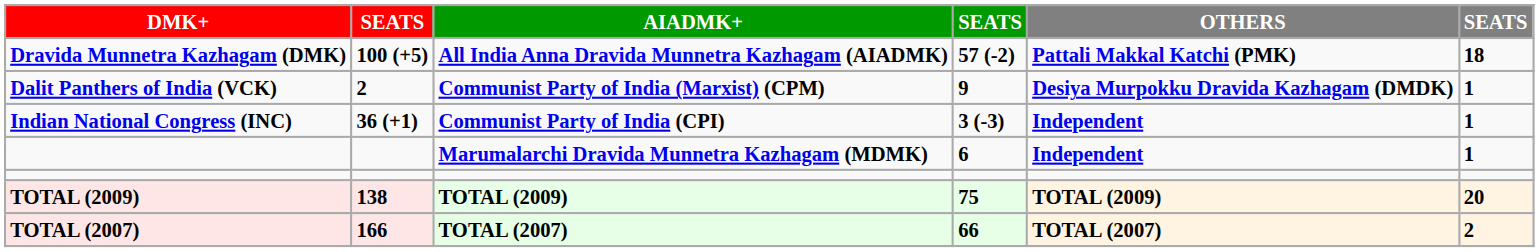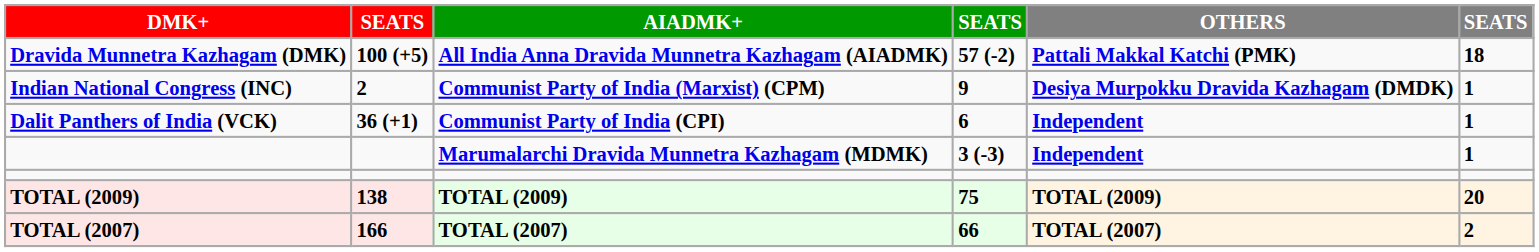 <table class="wikitable" style="font-weight: bold; font-size: x-small; font-family: verdana">
 <tr>
 <th style="background-color:#FF0000; color:white">DMK+</th>
 <th style="background-color:#FF0000; color:white">SEATS</th>
 <th style="background-color:#009900; color:white">AIADMK+</th>
 <th style="background-color:#009900; color:white">SEATS</th>
 <th style="background-color:gray; color:white">OTHERS</th>
 <th style="background-color:gray; color:white">SEATS</th>
 </tr>
 <tr --->
 <td><a href='#'>Dravida Munnetra Kazhagam</a> (DMK)</td>
 <td>100 (+5)</td>
 <td><a href='#'>All India Anna Dravida Munnetra Kazhagam</a> (AIADMK)</td>
 <td>57 (-2)</td>
 <td><a href='#'>Pattali Makkal Katchi</a> (PMK)</td>
 <td>18</td>
 </tr>
 <tr --->
-<td><a href='#'>Dalit Panthers of India</a> (VCK)</td>
+<td><a href='#'>Indian National Congress</a> (INC)</td>
 <td>2</td>
 <td><a href='#'>Communist Party of India (Marxist)</a> (CPM)</td>
 <td>9</td>
 <td><a href='#'>Desiya Murpokku Dravida Kazhagam</a> (DMDK)</td>
 <td>1</td>
 </tr>
 <tr --->
-<td><a href='#'>Indian National Congress</a> (INC)</td>
+<td><a href='#'>Dalit Panthers of India</a> (VCK)</td>
 <td>36 (+1)</td>
 <td><a href='#'>Communist Party of India</a> (CPI)</td>
-<td>3 (-3)</td>
+<td>6</td>
 <td><a href='#'>Independent</a></td>
 <td>1</td>
 </tr>
 <tr --->
 <td></td>
 <td></td>
 <td><a href='#'>Marumalarchi Dravida Munnetra Kazhagam</a> (MDMK)</td>
-<td>6</td>
+<td>3 (-3)</td>
 <td><a href='#'>Independent</a></td>
 <td>1</td>
 </tr>
 <tr --->
 <td></td>
 <td></td>
 <td></td>
 <td></td>
 <td></td>
 <td></td>
 </tr>
 <tr --->
 <td bgcolor=#FFE6E6>TOTAL (2009)</td>
 <td bgcolor=#FFE6E6>138</td>
 <td bgcolor=#E6FFE6>TOTAL (2009)</td>
 <td bgcolor=#E6FFE6>75</td>
 <td bgcolor=#FFF3E1>TOTAL (2009)</td>
 <td bgcolor=#FFF3E1>20</td>
 </tr>
 <tr --->
 <td bgcolor=#FFE6E6>TOTAL (2007)</td>
 <td bgcolor=#FFE6E6>166</td>
 <td bgcolor=#E6FFE6>TOTAL (2007)</td>
 <td bgcolor=#E6FFE6>66</td>
 <td bgcolor=#FFF3E1>TOTAL (2007)</td>
 <td bgcolor=#FFF3E1>2</td>
 </tr>
 </table>
